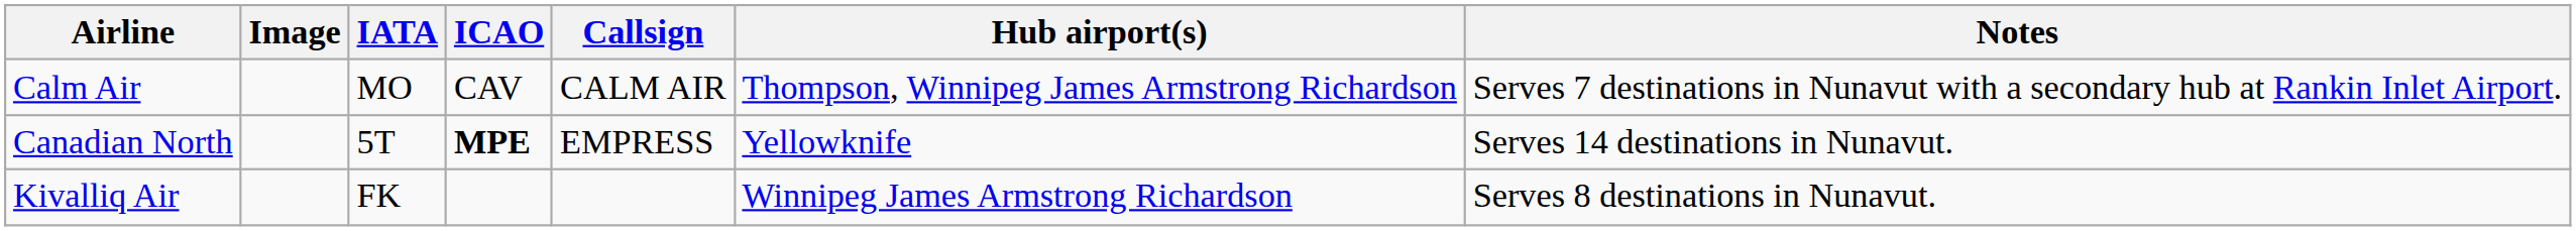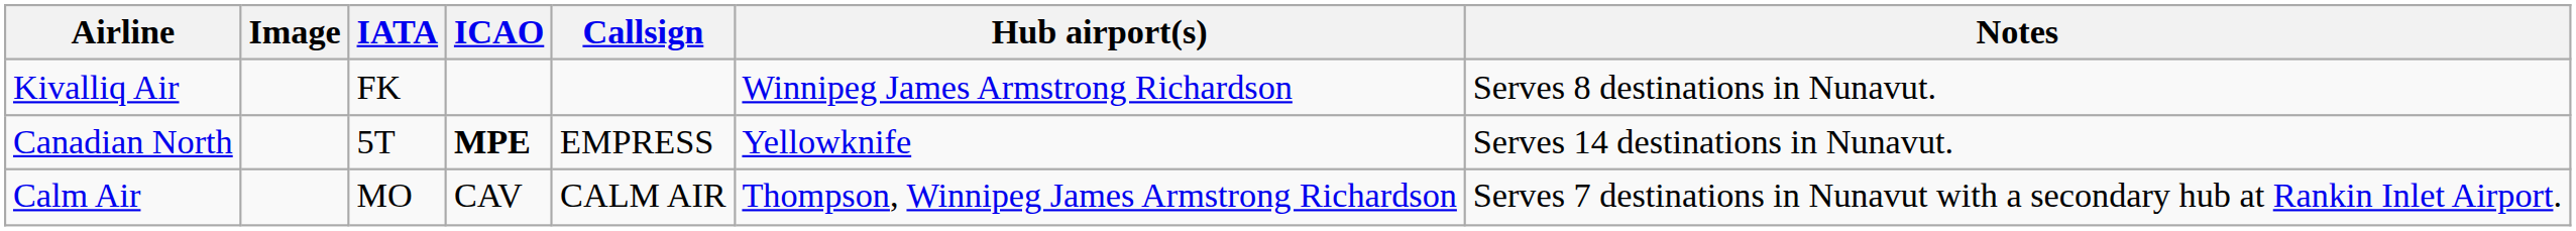 <table class="wikitable sortable" style="border: 0; cellpadding: 2; cellspacing: 3;">
 <tr valign="middle">
 <th>Airline</th>
 <th>Image</th>
 <th><a href='#'>IATA</a></th>
 <th><a href='#'>ICAO</a></th>
 <th><a href='#'>Callsign</a></th>
 <th>Hub airport(s)</th>
 <th class="unsortable">Notes</th>
 </tr>
 <tr>
-<td><a href='#'>Calm Air</a></td>
+<td><a href='#'>Kivalliq Air</a></td>
 <td></td>
-<td>MO</td>
-<td>CAV</td>
-<td>CALM AIR</td>
-<td><a href='#'>Thompson</a>, <a href='#'>Winnipeg James Armstrong Richardson</a></td>
-<td>Serves 7 destinations in Nunavut with a secondary hub at <a href='#'>Rankin Inlet Airport</a>.</td>
+<td>FK</td>
+<td></td>
+<td></td>
+<td><a href='#'>Winnipeg James Armstrong Richardson</a></td>
+<td>Serves 8 destinations in Nunavut.</td>
 </tr>
 <tr>
 <td><a href='#'>Canadian North</a></td>
 <td></td>
 <td>5T</td>
 <td><strong>MPE</strong></td>
 <td>EMPRESS</td>
 <td><a href='#'>Yellowknife</a></td>
 <td>Serves 14 destinations in Nunavut.</td>
 </tr>
 <tr>
-<td><a href='#'>Kivalliq Air</a></td>
+<td><a href='#'>Calm Air</a></td>
 <td></td>
-<td>FK</td>
-<td></td>
-<td></td>
-<td><a href='#'>Winnipeg James Armstrong Richardson</a></td>
-<td>Serves 8 destinations in Nunavut.</td>
+<td>MO</td>
+<td>CAV</td>
+<td>CALM AIR</td>
+<td><a href='#'>Thompson</a>, <a href='#'>Winnipeg James Armstrong Richardson</a></td>
+<td>Serves 7 destinations in Nunavut with a secondary hub at <a href='#'>Rankin Inlet Airport</a>.</td>
 </tr>
 </table>
